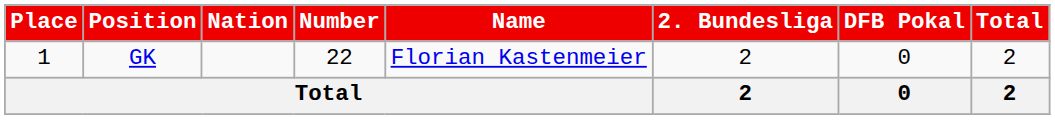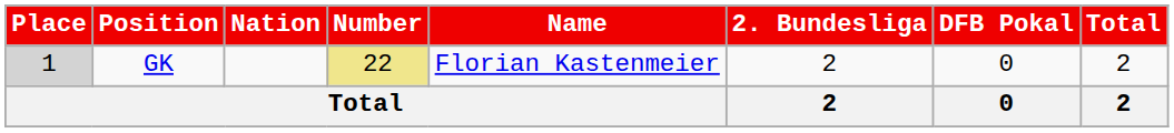 <table class="wikitable" style="font-size: 95%; text-align: center">
 <tr>
 <th style="background:#EF0000; color:white; text-align:center;"!width=80>Place</th>
 <th style="background:#EF0000; color:white; text-align:center;"!width=80>Position</th>
 <th style="background:#EF0000; color:white; text-align:center;"!width=80>Nation</th>
 <th style="background:#EF0000; color:white; text-align:center;"!width=80>Number</th>
 <th style="background:#EF0000; color:white; text-align:center;"!width=150>Name</th>
 <th style="background:#EF0000; color:white; text-align:center;"!width=150>2. Bundesliga</th>
 <th style="background:#EF0000; color:white; text-align:center;"!width=150>DFB Pokal</th>
 <th style="background:#EF0000; color:white; text-align:center;"!width=80>Total</th>
 </tr>
 <tr>
-<td rowspan=1>1</td>
+<td rowspan=1 style="background: lightgrey;">1</td>
 <td><a href='#'>GK</a></td>
 <td></td>
-<td>22</td>
+<td style="background: khaki;">22</td>
 <td><a href='#'>Florian Kastenmeier</a></td>
 <td>2</td>
 <td>0</td>
 <td>2</td>
 </tr>
 <tr>
 <th colspan=5>Total</th>
 <th>2</th>
 <th>0</th>
 <th>2</th>
 </tr>
 </table>
